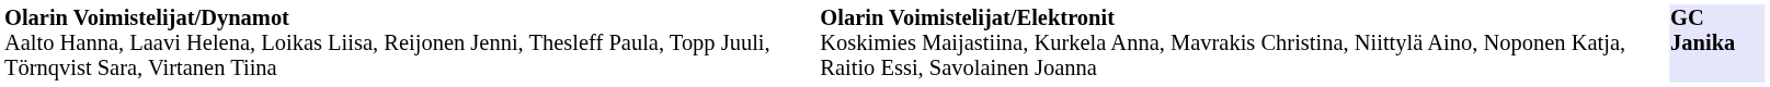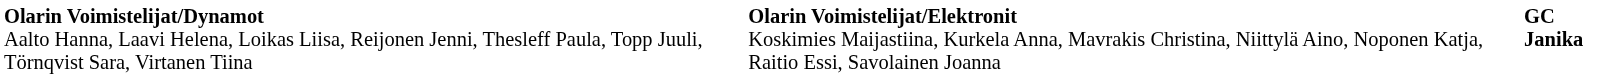 <table>
 <tr bgcolor="#DFDFDF">
 </tr>
 <tr>
 <th scope=row style="text-align:left"></th>
 <td valign="top"><strong>Olarin Voimistelijat/Dynamot </strong> <br>Aalto Hanna, Laavi Helena, Loikas Liisa, Reijonen Jenni, Thesleff Paula, Topp Juuli, Törnqvist Sara, Virtanen Tiina </td>
 <td valign="top"><strong>Olarin Voimistelijat/Elektronit </strong> <br>Koskimies Maijastiina, Kurkela Anna, Mavrakis Christina, Niittylä Aino, Noponen Katja, Raitio Essi, Savolainen Joanna</td>
-<td valign="top" style="background: lavender;"><strong>GC Janika </strong> </td>
+<td valign="top"><strong>GC Janika </strong> </td>
 </tr>
 <tr>
 </tr>
 </table>
